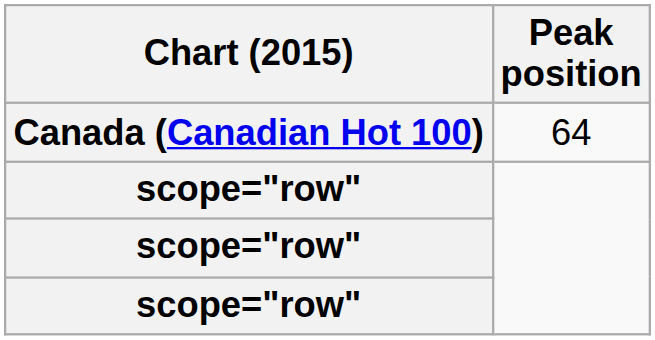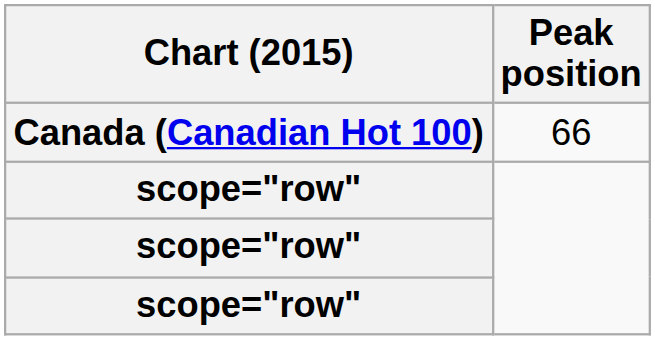 <table class="wikitable sortable plainrowheaders" style="text-align:center;">
 <tr>
 <th scope="col">Chart (2015)</th>
 <th scope="col">Peak<br>position</th>
 </tr>
 <tr>
 <th scope="row">Canada (<a href='#'>Canadian Hot 100</a>)</th>
-<td>64</td>
+<td>66</td>
 </tr>
 <tr>
 <th>scope="row" </th>
 </tr>
 <tr>
 <th>scope="row" </th>
 </tr>
 <tr>
 <th>scope="row" </th>
 </tr>
 </table>
